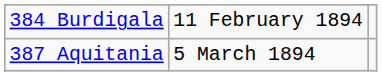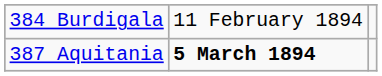 <table class="wikitable floatright" style="font-size: 0.9em;">
 <tr>
 <td><a href='#'>384 Burdigala</a></td>
 <td>11 February 1894</td>
 <td></td>
 </tr>
 <tr>
 <td><a href='#'>387 Aquitania</a></td>
-<td>5 March 1894</td>
+<td><strong>5 March 1894</strong></td>
 <td></td>
 </tr>
 </table>
